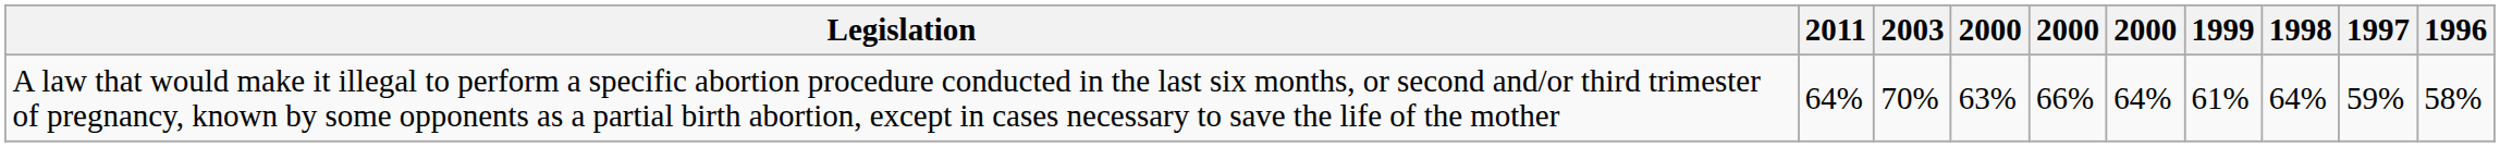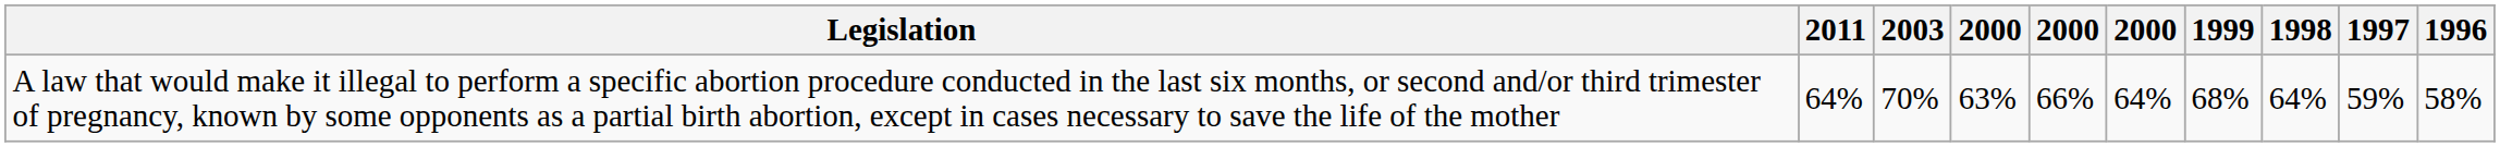 <table class="wikitable" style="margin:1em auto;">
 <tr>
 <th>Legislation</th>
 <th>2011</th>
 <th>2003</th>
 <th>2000</th>
 <th>2000</th>
 <th>2000</th>
 <th>1999</th>
 <th>1998</th>
 <th>1997</th>
 <th>1996</th>
 </tr>
 <tr>
 <td>A law that would make it illegal to perform a specific abortion procedure conducted in the last six months, or second and/or third trimester of pregnancy, known by some opponents as a partial birth abortion, except in cases necessary to save the life of the mother</td>
 <td>64%</td>
 <td>70%</td>
 <td>63%</td>
 <td>66%</td>
 <td>64%</td>
-<td>61%</td>
+<td>68%</td>
 <td>64%</td>
 <td>59%</td>
 <td>58%</td>
 </tr>
 </table>
